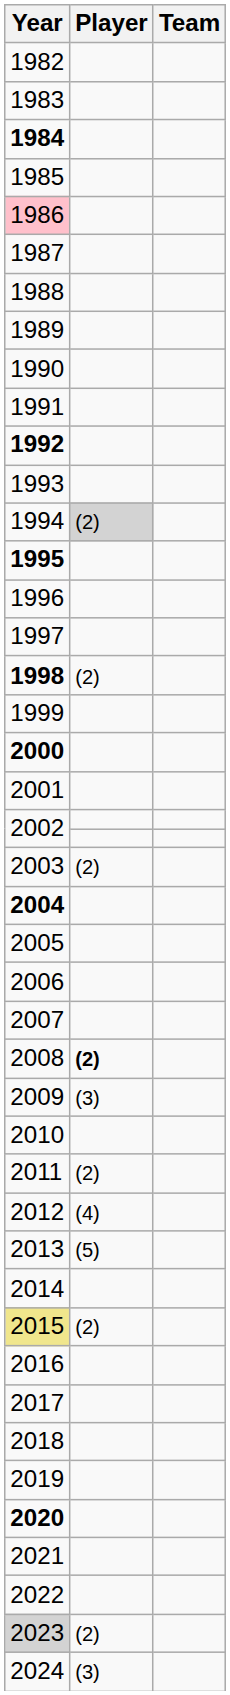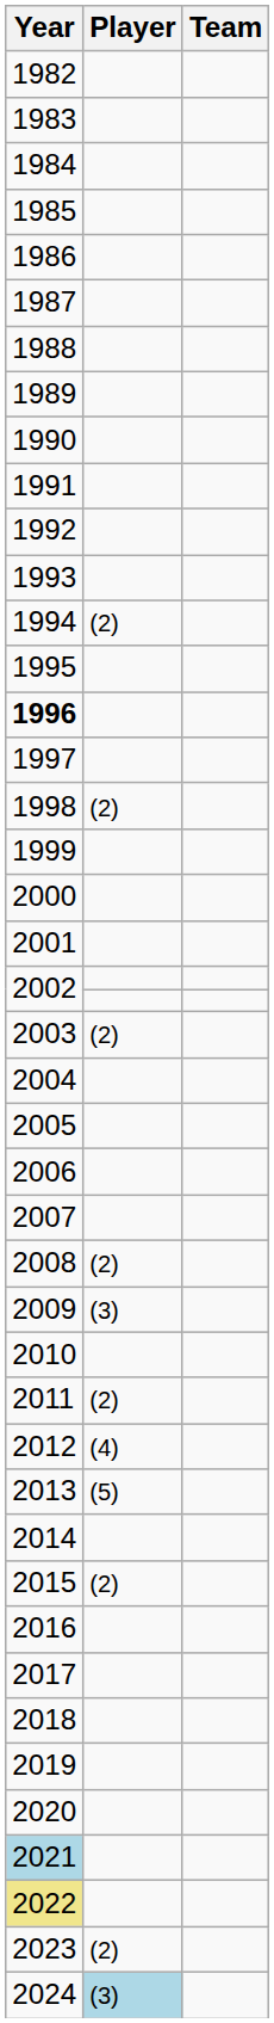 <table class="wikitable sortable">
 <tr>
 <th>Year</th>
 <th>Player</th>
 <th>Team</th>
 </tr>
 <tr>
 <td>1982</td>
 <td></td>
 <td></td>
 </tr>
 <tr>
 <td>1983</td>
 <td></td>
 <td></td>
 </tr>
 <tr>
-<td><strong>1984</strong></td>
+<td>1984</td>
 <td></td>
 <td></td>
 </tr>
 <tr>
 <td>1985</td>
 <td></td>
 <td></td>
 </tr>
 <tr>
-<td style="background: pink;">1986</td>
+<td>1986</td>
 <td></td>
 <td></td>
 </tr>
 <tr>
 <td>1987</td>
 <td></td>
 <td></td>
 </tr>
 <tr>
 <td>1988</td>
 <td></td>
 <td></td>
 </tr>
 <tr>
 <td>1989</td>
 <td></td>
 <td></td>
 </tr>
 <tr>
 <td>1990</td>
 <td></td>
 <td></td>
 </tr>
 <tr>
 <td>1991</td>
 <td></td>
 <td></td>
 </tr>
 <tr>
-<td><strong>1992</strong></td>
+<td>1992</td>
 <td></td>
 <td></td>
 </tr>
 <tr>
 <td>1993</td>
 <td></td>
 <td></td>
 </tr>
 <tr>
 <td>1994</td>
-<td style="background: lightgrey;"> <small>(2)</small></td>
+<td> <small>(2)</small></td>
 <td></td>
 </tr>
 <tr>
-<td><strong>1995</strong></td>
+<td>1995</td>
 <td></td>
 <td></td>
 </tr>
 <tr>
-<td>1996</td>
+<td><strong>1996</strong></td>
 <td></td>
 <td></td>
 </tr>
 <tr>
 <td>1997</td>
 <td></td>
 <td></td>
 </tr>
 <tr>
-<td><strong>1998</strong></td>
+<td>1998</td>
 <td> <small>(2)</small></td>
 <td></td>
 </tr>
 <tr>
 <td>1999</td>
 <td></td>
 <td></td>
 </tr>
 <tr>
-<td><strong>2000</strong></td>
+<td>2000</td>
 <td></td>
 <td></td>
 </tr>
 <tr>
 <td>2001</td>
 <td></td>
 <td></td>
 </tr>
 <tr>
 <td rowspan="2">2002</td>
 <td></td>
 <td></td>
 </tr>
 <tr>
 <td></td>
 <td></td>
 </tr>
 <tr>
 <td>2003</td>
 <td> <small>(2)</small></td>
 <td></td>
 </tr>
 <tr>
-<td><strong>2004</strong></td>
+<td>2004</td>
 <td></td>
 <td></td>
 </tr>
 <tr>
 <td>2005</td>
 <td></td>
 <td></td>
 </tr>
 <tr>
 <td>2006</td>
 <td></td>
 <td></td>
 </tr>
 <tr>
 <td>2007</td>
 <td></td>
 <td></td>
 </tr>
 <tr>
 <td>2008</td>
-<td><strong> <small>(2)</small></strong></td>
+<td> <small>(2)</small></td>
 <td></td>
 </tr>
 <tr>
 <td>2009</td>
 <td> <small>(3)</small></td>
 <td></td>
 </tr>
 <tr>
 <td>2010</td>
 <td></td>
 <td></td>
 </tr>
 <tr>
 <td>2011</td>
 <td> <small>(2)</small></td>
 <td></td>
 </tr>
 <tr>
 <td>2012</td>
 <td> <small>(4)</small></td>
 <td></td>
 </tr>
 <tr>
 <td>2013</td>
 <td> <small>(5)</small></td>
 <td></td>
 </tr>
 <tr>
 <td>2014</td>
 <td></td>
 <td></td>
 </tr>
 <tr>
-<td style="background: khaki;">2015</td>
+<td>2015</td>
 <td> <small>(2)</small></td>
 <td></td>
 </tr>
 <tr>
 <td>2016</td>
 <td></td>
 <td></td>
 </tr>
 <tr>
 <td>2017</td>
 <td></td>
 <td></td>
 </tr>
 <tr>
 <td>2018</td>
 <td></td>
 <td></td>
 </tr>
 <tr>
 <td>2019</td>
 <td></td>
 <td></td>
 </tr>
 <tr>
-<td><strong>2020</strong></td>
+<td>2020</td>
 <td></td>
 <td></td>
 </tr>
 <tr>
-<td>2021</td>
+<td style="background: lightblue;">2021</td>
 <td></td>
 <td></td>
 </tr>
 <tr>
-<td>2022</td>
+<td style="background: khaki;">2022</td>
 <td></td>
 <td></td>
 </tr>
 <tr>
-<td style="background: lightgrey;">2023</td>
+<td>2023</td>
 <td> <small>(2)</small></td>
 <td></td>
 </tr>
 <tr>
 <td>2024</td>
-<td> <small>(3)</small></td>
+<td style="background: lightblue;"> <small>(3)</small></td>
 <td></td>
 </tr>
 </table>
